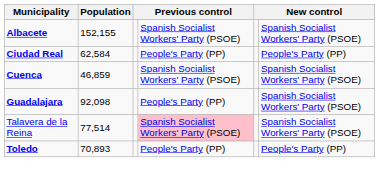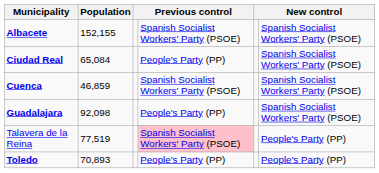 <table class="wikitable sortable">
 <tr>
 <th>Municipality</th>
 <th>Population</th>
 <th colspan="2" style="width:375px;">Previous control</th>
 <th colspan="2" style="width:375px;">New control</th>
 </tr>
 <tr>
 <td><strong><a href='#'>Albacete</a></strong></td>
 <td>152,155</td>
 <td width="1" style="color:inherit;background:"></td>
 <td><a href='#'>Spanish Socialist Workers' Party</a> (PSOE)</td>
 <td width="1" style="color:inherit;background:"></td>
 <td><a href='#'>Spanish Socialist Workers' Party</a> (PSOE)</td>
 </tr>
 <tr>
 <td><strong><a href='#'>Ciudad Real</a></strong></td>
-<td>62,584</td>
+<td>65,084</td>
 <td style="color:inherit;background:"></td>
 <td><a href='#'>People's Party</a> (PP)</td>
 <td style="color:inherit;background:"></td>
-<td><a href='#'>People's Party</a> (PP)</td>
+<td><a href='#'>Spanish Socialist Workers' Party</a> (PSOE)</td>
 </tr>
 <tr>
 <td><strong><a href='#'>Cuenca</a></strong></td>
 <td>46,859</td>
 <td style="color:inherit;background:"></td>
 <td><a href='#'>Spanish Socialist Workers' Party</a> (PSOE)</td>
 <td style="color:inherit;background:"></td>
 <td><a href='#'>Spanish Socialist Workers' Party</a> (PSOE)</td>
 </tr>
 <tr>
 <td><strong><a href='#'>Guadalajara</a></strong></td>
 <td>92,098</td>
 <td style="color:inherit;background:"></td>
 <td><a href='#'>People's Party</a> (PP)</td>
 <td style="color:inherit;background:"></td>
 <td><a href='#'>Spanish Socialist Workers' Party</a> (PSOE)</td>
 </tr>
 <tr>
 <td><a href='#'>Talavera de la Reina</a></td>
-<td>77,514</td>
+<td>77,519</td>
 <td style="color:inherit;background:"></td>
 <td style="background: pink;"><a href='#'>Spanish Socialist Workers' Party</a> (PSOE)</td>
 <td style="color:inherit;background:"></td>
-<td><a href='#'>Spanish Socialist Workers' Party</a> (PSOE)</td>
+<td><a href='#'>People's Party</a> (PP)</td>
 </tr>
 <tr>
 <td><strong><a href='#'>Toledo</a></strong></td>
 <td>70,893</td>
 <td style="color:inherit;background:"></td>
 <td><a href='#'>People's Party</a> (PP)</td>
 <td style="color:inherit;background:"></td>
 <td><a href='#'>People's Party</a> (PP)</td>
 </tr>
 </table>
